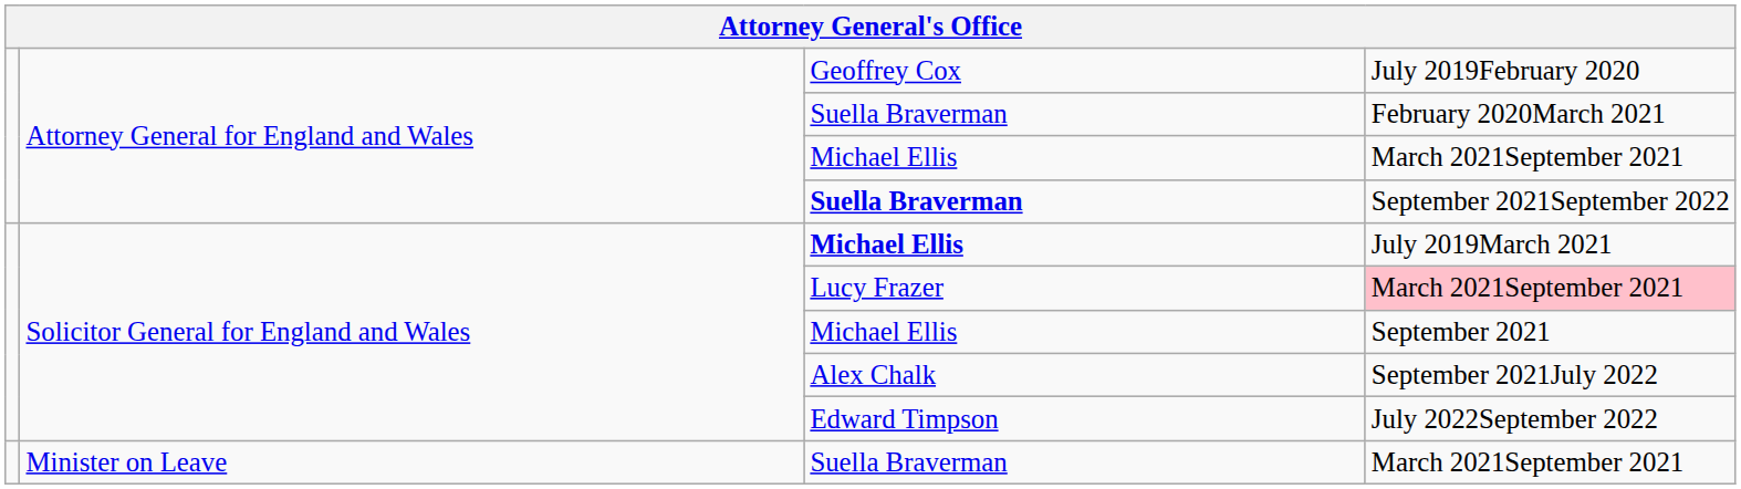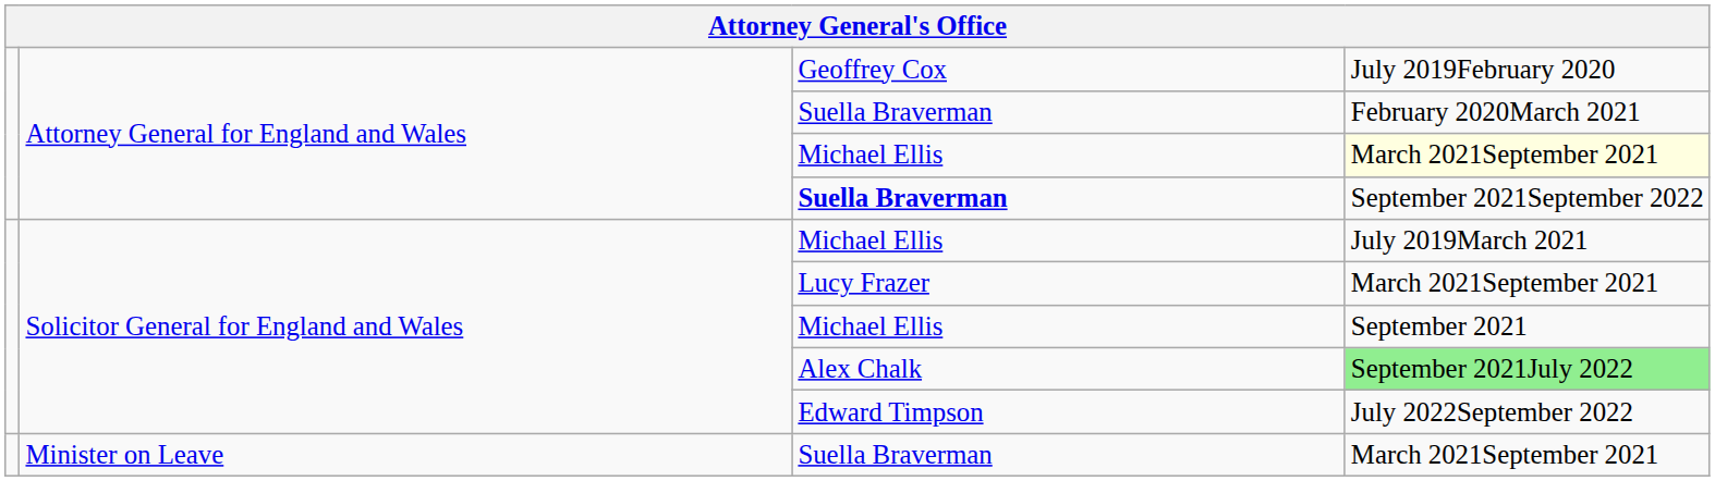 <table class="wikitable">
 <tr>
 <th colspan="4"><a href='#'>Attorney General's Office</a></th>
 </tr>
 <tr>
 <td rowspan=4 style="width: 1px; background: "></td>
 <td rowspan=4 style="width: 450px;"><a href='#'>Attorney General for England and Wales</a></td>
 <td Style="width: 320px;"><a href='#'>Geoffrey Cox</a></td>
 <td>July 2019February 2020</td>
 </tr>
 <tr>
 <td style="width: 320px;"><a href='#'>Suella Braverman</a></td>
 <td>February 2020March 2021</td>
 </tr>
 <tr>
 <td style="width: 320px;"><a href='#'>Michael Ellis</a></td>
-<td>March 2021September 2021</td>
+<td style="background: lightyellow;">March 2021September 2021</td>
 </tr>
 <tr>
 <td style="width: 320px;"><strong><a href='#'>Suella Braverman</a></strong></td>
 <td>September 2021September 2022</td>
 </tr>
 <tr>
 <td rowspan=5 style="width: 1px; background: "></td>
 <td rowspan=5 style="width: 450px;"><a href='#'>Solicitor General for England and Wales</a></td>
-<td style="width: 320px;"><strong><a href='#'>Michael Ellis</a></strong></td>
+<td style="width: 320px;"><a href='#'>Michael Ellis</a></td>
 <td>July 2019March 2021</td>
 </tr>
 <tr>
 <td style="width: 320px;"><a href='#'>Lucy Frazer</a></td>
-<td style="background: pink;">March 2021September 2021</td>
+<td>March 2021September 2021</td>
 </tr>
 <tr>
 <td style="width: 320px;"><a href='#'>Michael Ellis</a></td>
 <td>September 2021</td>
 </tr>
 <tr>
 <td style="width: 320px;"><a href='#'>Alex Chalk</a></td>
-<td>September 2021July 2022</td>
+<td style="background: lightgreen;">September 2021July 2022</td>
 </tr>
 <tr>
 <td style="width: 320px;"><a href='#'>Edward Timpson</a></td>
 <td>July 2022September 2022</td>
 </tr>
 <tr>
 <td rowspan=2 style="width: 1px; background: "></td>
 <td rowspan=2 style="width: 450px;"><a href='#'>Minister on Leave</a></td>
 <td style="width: 320px;"><a href='#'>Suella Braverman</a></td>
 <td>March 2021September 2021</td>
 </tr>
 </table>
